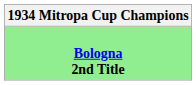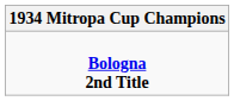 <table class=wikitable style="text-align:center; margin:auto">
 <tr>
 <th>1934 Mitropa Cup Champions</th>
 </tr>
 <tr>
-<td style="background: lightgreen;"> <br> <strong><a href='#'>Bologna</a></strong> <br> <strong>2nd Title</strong></td>
+<td> <br> <strong><a href='#'>Bologna</a></strong> <br> <strong>2nd Title</strong></td>
 </tr>
 </table>
